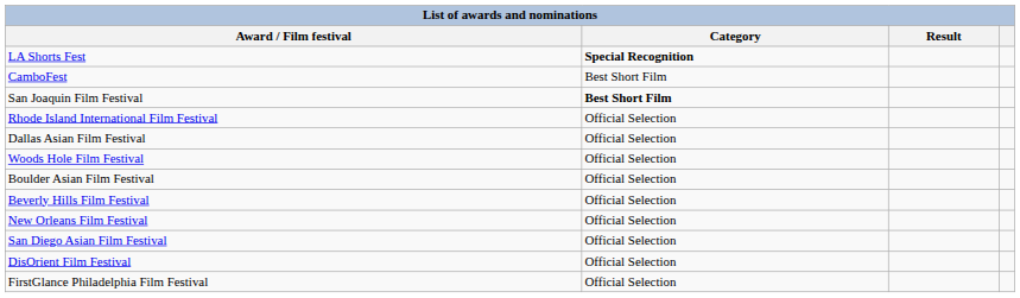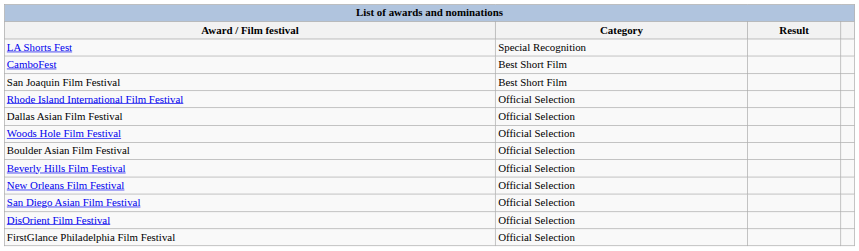 <table class="wikitable sortable" style="width:99%;">
 <tr style="text-align:center;">
 <th colspan="5" style="background:#B0C4DE;">List of awards and nominations</th>
 </tr>
 <tr style="background:#ccc; text-align:center;">
 <th scope="col">Award / Film festival</th>
 <th scope="col">Category</th>
 <th scope="col">Result</th>
 <th scope="col" class="unsortable"></th>
 </tr>
 <tr>
 <td><a href='#'>LA Shorts Fest</a></td>
-<td><strong>Special Recognition</strong></td>
+<td>Special Recognition</td>
 <td></td>
 <td></td>
 </tr>
 <tr>
 <td><a href='#'>CamboFest</a></td>
 <td>Best Short Film</td>
 <td></td>
 <td></td>
 </tr>
 <tr>
 <td>San Joaquin Film Festival</td>
-<td><strong>Best Short Film</strong></td>
+<td>Best Short Film</td>
 <td></td>
 <td></td>
 </tr>
 <tr>
 <td><a href='#'>Rhode Island International Film Festival</a></td>
 <td>Official Selection</td>
 <td></td>
 <td></td>
 </tr>
 <tr>
 <td>Dallas Asian Film Festival</td>
 <td>Official Selection</td>
 <td></td>
 <td></td>
 </tr>
 <tr>
 <td><a href='#'>Woods Hole Film Festival</a></td>
 <td>Official Selection</td>
 <td></td>
 <td></td>
 </tr>
 <tr>
 <td>Boulder Asian Film Festival</td>
 <td>Official Selection</td>
 <td></td>
 <td></td>
 </tr>
 <tr>
 <td><a href='#'>Beverly Hills Film Festival</a></td>
 <td>Official Selection</td>
 <td></td>
 <td></td>
 </tr>
 <tr>
 <td><a href='#'>New Orleans Film Festival</a></td>
 <td>Official Selection</td>
 <td></td>
 <td></td>
 </tr>
 <tr>
 <td><a href='#'>San Diego Asian Film Festival</a></td>
 <td>Official Selection</td>
 <td></td>
 <td></td>
 </tr>
 <tr>
 <td><a href='#'>DisOrient Film Festival</a></td>
 <td>Official Selection</td>
 <td></td>
 <td></td>
 </tr>
 <tr>
 <td>FirstGlance Philadelphia Film Festival</td>
 <td>Official Selection</td>
 <td></td>
 <td></td>
 </tr>
 </table>
